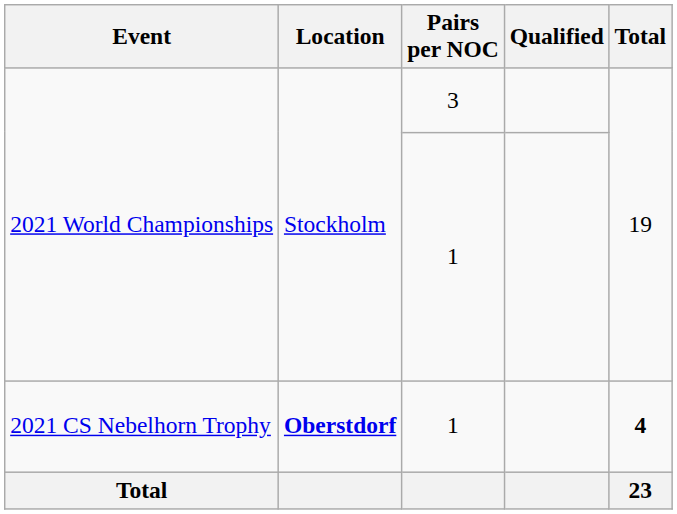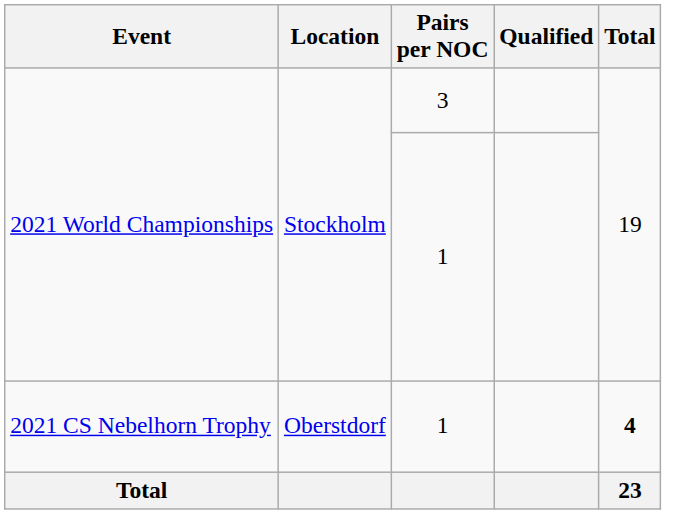 <table class="wikitable">
 <tr>
 <th>Event</th>
 <th>Location</th>
 <th>Pairs<br> per NOC</th>
 <th>Qualified</th>
 <th>Total</th>
 </tr>
 <tr>
 <td rowspan = 2><a href='#'>2021 World Championships</a></td>
 <td rowspan = 2> <a href='#'>Stockholm</a></td>
 <td align="center">3</td>
 <td><br><br></td>
 <td rowspan = 2 align="center">19</td>
 </tr>
 <tr>
 <td align="center">1</td>
 <td><br><br><br><br><br><br><br><br><br></td>
 </tr>
 <tr>
 <td><a href='#'>2021 CS Nebelhorn Trophy</a></td>
-<td><strong> <a href='#'>Oberstdorf</a></strong></td>
+<td> <a href='#'>Oberstdorf</a></td>
 <td align="center">1</td>
 <td><br><br><br></td>
 <td align="center"><strong>4</strong></td>
 </tr>
 <tr>
 <th>Total</th>
 <th></th>
 <th></th>
 <th></th>
 <th>23</th>
 </tr>
 </table>
